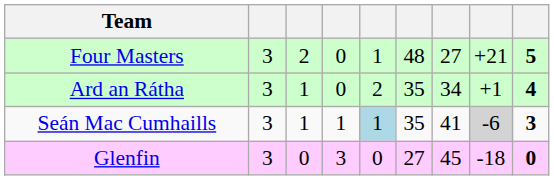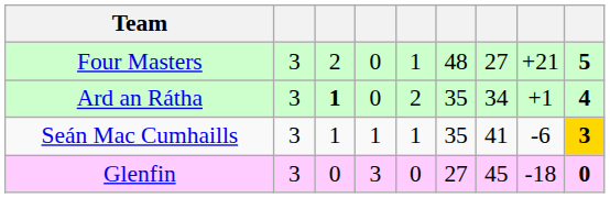 <table class="wikitable" style="text-align:center">
 <tr>
 <th style="width:175px;">Team</th>
 <th width="20"></th>
 <th width="20"></th>
 <th width="20"></th>
 <th width="20"></th>
 <th width="20"></th>
 <th width="20"></th>
 <th width="20"></th>
 <th width="20"></th>
 </tr>
 <tr style="background:#cfc;">
 <td><a href='#'>Four Masters</a></td>
 <td>3</td>
 <td>2</td>
 <td>0</td>
 <td>1</td>
 <td>48</td>
 <td>27</td>
 <td>+21</td>
 <td><strong>5</strong></td>
 </tr>
 <tr style="background:#cfc;">
 <td><a href='#'>Ard an Rátha</a></td>
 <td>3</td>
-<td>1</td>
+<td><strong>1</strong></td>
 <td>0</td>
 <td>2</td>
 <td>35</td>
 <td>34</td>
 <td>+1</td>
 <td><strong>4</strong></td>
 </tr>
 <tr>
 <td><a href='#'>Seán Mac Cumhaills</a></td>
 <td>3</td>
 <td>1</td>
 <td>1</td>
-<td style="background: lightblue;">1</td>
+<td>1</td>
 <td>35</td>
 <td>41</td>
-<td style="background: lightgrey;">-6</td>
-<td><strong>3</strong></td>
+<td>-6</td>
+<td style="background: gold;"><strong>3</strong></td>
 </tr>
 <tr style="background:#fcf;">
 <td><a href='#'>Glenfin</a></td>
 <td>3</td>
 <td>0</td>
 <td>3</td>
 <td>0</td>
 <td>27</td>
 <td>45</td>
 <td>-18</td>
 <td><strong>0</strong></td>
 </tr>
 </table>
